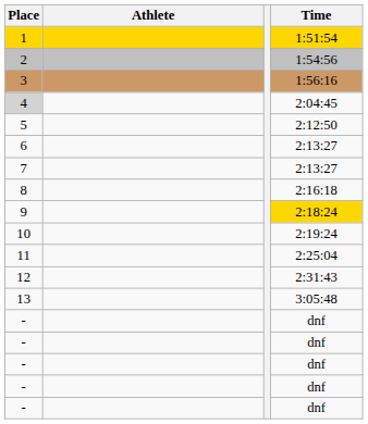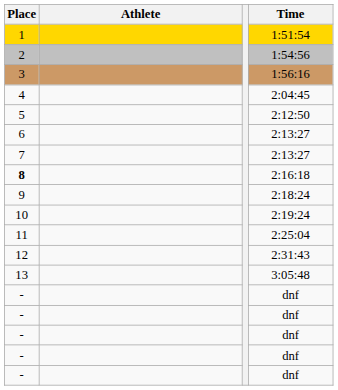 <table class="wikitable" style="text-align:center">
 <tr>
 <th>Place</th>
 <th width=250>Athlete</th>
 <th rowspan=27></th>
 <th width=100>Time</th>
 </tr>
 <tr bgcolor=gold>
 <td>1</td>
 <td align=left></td>
 <td>1:51:54</td>
 </tr>
 <tr bgcolor=silver>
 <td>2</td>
 <td align=left></td>
 <td>1:54:56</td>
 </tr>
 <tr bgcolor=cc9966>
 <td>3</td>
 <td align=left></td>
 <td>1:56:16</td>
 </tr>
 <tr>
-<td style="background: lightgrey;">4</td>
+<td>4</td>
 <td align=left></td>
 <td>2:04:45</td>
 </tr>
 <tr>
 <td>5</td>
 <td align=left></td>
 <td>2:12:50</td>
 </tr>
 <tr>
 <td>6</td>
 <td align=left></td>
 <td>2:13:27</td>
 </tr>
 <tr>
 <td>7</td>
 <td align=left></td>
 <td>2:13:27</td>
 </tr>
 <tr>
-<td>8</td>
+<td><strong>8</strong></td>
 <td align=left></td>
 <td>2:16:18</td>
 </tr>
 <tr>
 <td>9</td>
 <td align=left></td>
-<td style="background: gold;">2:18:24</td>
+<td>2:18:24</td>
 </tr>
 <tr>
 <td>10</td>
 <td align=left></td>
 <td>2:19:24</td>
 </tr>
 <tr>
 <td>11</td>
 <td align=left></td>
 <td>2:25:04</td>
 </tr>
 <tr>
 <td>12</td>
 <td align=left></td>
 <td>2:31:43</td>
 </tr>
 <tr>
 <td>13</td>
 <td align=left></td>
 <td>3:05:48</td>
 </tr>
 <tr>
 <td>-</td>
 <td align=left></td>
 <td>dnf</td>
 </tr>
 <tr>
 <td>-</td>
 <td align=left></td>
 <td>dnf</td>
 </tr>
 <tr>
 <td>-</td>
 <td align=left></td>
 <td>dnf</td>
 </tr>
 <tr>
 <td>-</td>
 <td align=left></td>
 <td>dnf</td>
 </tr>
 <tr>
 <td>-</td>
 <td align=left></td>
 <td>dnf</td>
 </tr>
 </table>
